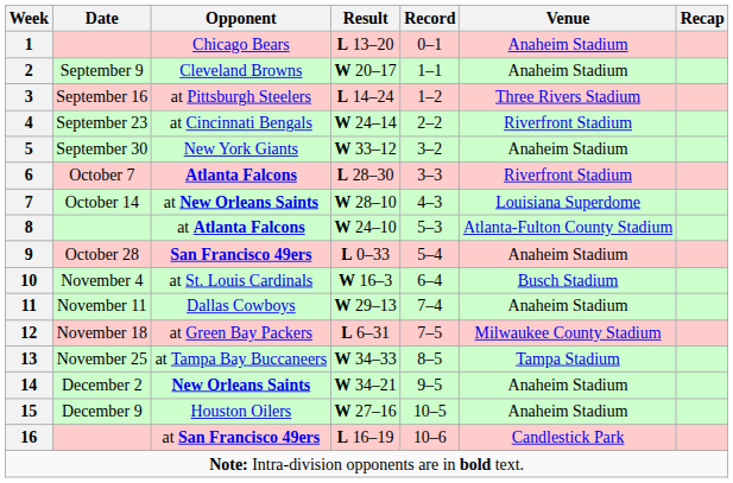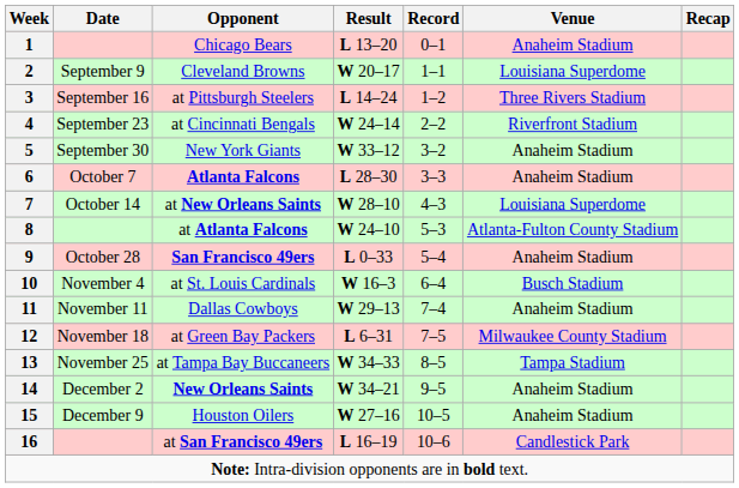 <table class="wikitable" style="text-align:center">
 <tr>
 <th>Week</th>
 <th>Date</th>
 <th>Opponent</th>
 <th>Result</th>
 <th>Record</th>
 <th>Venue</th>
 <th>Recap</th>
 </tr>
 <tr align="center" bgcolor=#fcc>
 <th>1</th>
 <td></td>
 <td><a href='#'>Chicago Bears</a></td>
 <td><strong>L</strong> 13–20</td>
 <td>0–1</td>
 <td><a href='#'>Anaheim Stadium</a></td>
 <td></td>
 </tr>
 <tr align="center" bgcolor=#cfc>
 <th>2</th>
 <td>September 9</td>
 <td><a href='#'>Cleveland Browns</a></td>
 <td><strong>W</strong> 20–17</td>
 <td>1–1</td>
-<td>Anaheim Stadium</td>
+<td><a href='#'>Louisiana Superdome</a></td>
 <td></td>
 </tr>
 <tr align="center" bgcolor=#fcc>
 <th>3</th>
 <td>September 16</td>
 <td>at <a href='#'>Pittsburgh Steelers</a></td>
 <td><strong>L</strong> 14–24</td>
 <td>1–2</td>
 <td><a href='#'>Three Rivers Stadium</a></td>
 <td></td>
 </tr>
 <tr align="center" bgcolor=#cfc>
 <th>4</th>
 <td>September 23</td>
 <td>at <a href='#'>Cincinnati Bengals</a></td>
 <td><strong>W</strong> 24–14</td>
 <td>2–2</td>
 <td><a href='#'>Riverfront Stadium</a></td>
 <td></td>
 </tr>
 <tr align="center" bgcolor=#cfc>
 <th>5</th>
 <td>September 30</td>
 <td><a href='#'>New York Giants</a></td>
 <td><strong>W</strong> 33–12</td>
 <td>3–2</td>
 <td>Anaheim Stadium</td>
 <td></td>
 </tr>
 <tr align="center" bgcolor=#fcc>
 <th>6</th>
 <td>October 7</td>
 <td><strong><a href='#'>Atlanta Falcons</a></strong></td>
 <td><strong>L</strong> 28–30</td>
 <td>3–3</td>
-<td><a href='#'>Riverfront Stadium</a></td>
+<td>Anaheim Stadium</td>
 <td></td>
 </tr>
 <tr align="center" bgcolor=#cfc>
 <th>7</th>
 <td>October 14</td>
 <td>at <strong><a href='#'>New Orleans Saints</a></strong></td>
 <td><strong>W</strong> 28–10</td>
 <td>4–3</td>
 <td><a href='#'>Louisiana Superdome</a></td>
 <td></td>
 </tr>
 <tr align="center" bgcolor=#cfc>
 <th>8</th>
 <td></td>
 <td>at <strong><a href='#'>Atlanta Falcons</a></strong></td>
 <td><strong>W</strong> 24–10</td>
 <td>5–3</td>
 <td><a href='#'>Atlanta-Fulton County Stadium</a></td>
 <td></td>
 </tr>
 <tr align="center" bgcolor=#fcc>
 <th>9</th>
 <td>October 28</td>
 <td><strong><a href='#'>San Francisco 49ers</a></strong></td>
 <td><strong>L</strong> 0–33</td>
 <td>5–4</td>
 <td>Anaheim Stadium</td>
 <td></td>
 </tr>
 <tr align="center" bgcolor=#cfc>
 <th>10</th>
 <td>November 4</td>
 <td>at <a href='#'>St. Louis Cardinals</a></td>
 <td><strong>W</strong> 16–3</td>
 <td>6–4</td>
 <td><a href='#'>Busch Stadium</a></td>
 <td></td>
 </tr>
 <tr align="center" bgcolor=#cfc>
 <th>11</th>
 <td>November 11</td>
 <td><a href='#'>Dallas Cowboys</a></td>
 <td><strong>W</strong> 29–13</td>
 <td>7–4</td>
 <td>Anaheim Stadium</td>
 <td></td>
 </tr>
 <tr align="center" bgcolor=#fcc>
 <th>12</th>
 <td>November 18</td>
 <td>at <a href='#'>Green Bay Packers</a></td>
 <td><strong>L</strong> 6–31</td>
 <td>7–5</td>
 <td><a href='#'>Milwaukee County Stadium</a></td>
 <td></td>
 </tr>
 <tr align="center" bgcolor=#cfc>
 <th>13</th>
 <td>November 25</td>
 <td>at <a href='#'>Tampa Bay Buccaneers</a></td>
 <td><strong>W</strong> 34–33</td>
 <td>8–5</td>
 <td><a href='#'>Tampa Stadium</a></td>
 <td></td>
 </tr>
 <tr align="center" bgcolor=#cfc>
 <th>14</th>
 <td>December 2</td>
 <td><strong><a href='#'>New Orleans Saints</a></strong></td>
 <td><strong>W</strong>  34–21</td>
 <td>9–5</td>
 <td>Anaheim Stadium</td>
 <td></td>
 </tr>
 <tr align="center" bgcolor=#cfc>
 <th>15</th>
 <td>December 9</td>
 <td><a href='#'>Houston Oilers</a></td>
 <td><strong>W</strong> 27–16</td>
 <td>10–5</td>
 <td>Anaheim Stadium</td>
 <td></td>
 </tr>
 <tr align="center" bgcolor=#fcc>
 <th>16</th>
 <td></td>
 <td>at <strong><a href='#'>San Francisco 49ers</a></strong></td>
 <td><strong>L</strong> 16–19</td>
 <td>10–6</td>
 <td><a href='#'>Candlestick Park</a></td>
 <td></td>
 </tr>
 <tr>
 <td colspan="8"><strong>Note:</strong> Intra-division opponents are in <strong>bold</strong> text.</td>
 </tr>
 </table>
